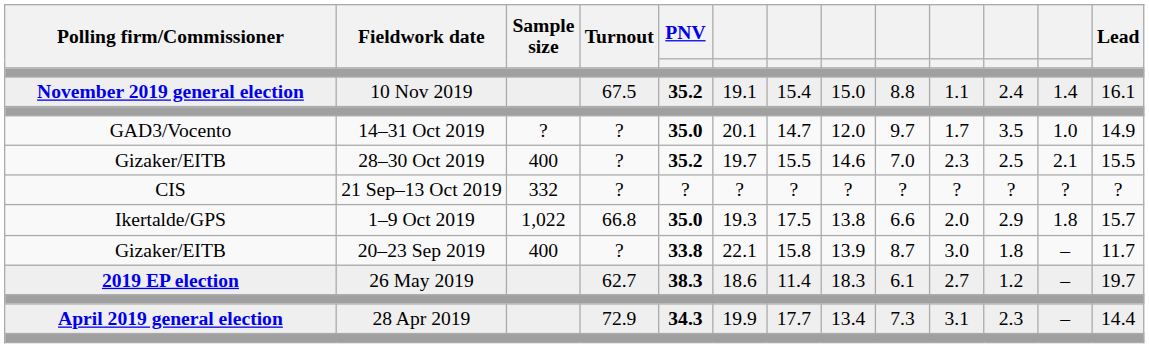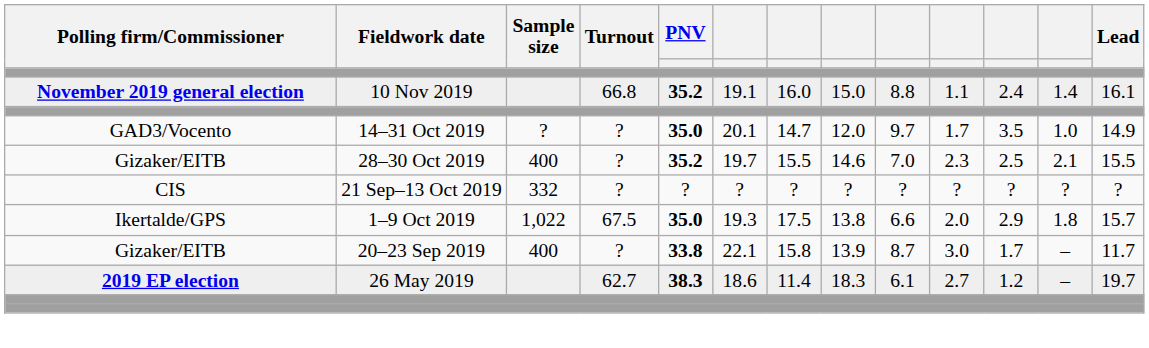 <table class="wikitable collapsible collapsed" style="text-align:center; font-size:95%; line-height:16px;">
 <tr style="height:42px;">
 <th style="width:250px;" rowspan="2">Polling firm/Commissioner</th>
 <th style="width:125px;" rowspan="2">Fieldwork date</th>
 <th style="width:50px;" rowspan="2">Sample size</th>
 <th style="width:45px;" rowspan="2">Turnout</th>
 <th style="width:35px;"><a href='#'>PNV</a></th>
 <th style="width:35px;"></th>
 <th style="width:35px;"></th>
 <th style="width:35px;"></th>
 <th style="width:35px;"></th>
 <th style="width:35px;"></th>
 <th style="width:35px;"></th>
 <th style="width:35px;"></th>
 <th style="width:30px;" rowspan="2">Lead</th>
 </tr>
 <tr>
 <th style="color:inherit;background:"></th>
 <th style="color:inherit;background:"></th>
 <th style="color:inherit;background:"></th>
 <th style="color:inherit;background:"></th>
 <th style="color:inherit;background:"></th>
 <th style="color:inherit;background:"></th>
 <th style="color:inherit;background:"></th>
 <th style="color:inherit;background:"></th>
 </tr>
 <tr>
 <td colspan="13" style="background:#A0A0A0"></td>
 </tr>
 <tr style="background:#EFEFEF;">
 <td><strong><a href='#'>November 2019 general election</a></strong></td>
 <td>10 Nov 2019</td>
 <td></td>
-<td>67.5</td>
+<td>66.8</td>
 <td><strong>35.2</strong><br></td>
 <td>19.1<br></td>
-<td>15.4<br></td>
+<td>16.0<br></td>
 <td>15.0<br></td>
 <td>8.8<br></td>
 <td>1.1<br></td>
 <td>2.4<br></td>
 <td>1.4<br></td>
 <td style="background:">16.1</td>
 </tr>
 <tr>
 <td colspan="13" style="background:#A0A0A0"></td>
 </tr>
 <tr>
 <td>GAD3/Vocento</td>
 <td>14–31 Oct 2019</td>
 <td>?</td>
 <td>?</td>
 <td><strong>35.0</strong><br></td>
 <td>20.1<br></td>
 <td>14.7<br></td>
 <td>12.0<br></td>
 <td>9.7<br></td>
 <td>1.7<br></td>
 <td>3.5<br></td>
 <td>1.0<br></td>
 <td style="background:">14.9</td>
 </tr>
 <tr>
 <td>Gizaker/EITB</td>
 <td>28–30 Oct 2019</td>
 <td>400</td>
 <td>?</td>
 <td><strong>35.2</strong><br></td>
 <td>19.7<br></td>
 <td>15.5<br></td>
 <td>14.6<br></td>
 <td>7.0<br></td>
 <td>2.3<br></td>
 <td>2.5<br></td>
 <td>2.1<br></td>
 <td style="background:">15.5</td>
 </tr>
 <tr>
 <td>CIS</td>
 <td>21 Sep–13 Oct 2019</td>
 <td>332</td>
 <td>?</td>
 <td>?<br></td>
 <td>?<br></td>
 <td>?<br></td>
 <td>?<br></td>
 <td>?<br></td>
 <td>?<br></td>
 <td>?<br></td>
 <td>?<br></td>
 <td style="background:">?</td>
 </tr>
 <tr>
 <td>Ikertalde/GPS</td>
 <td>1–9 Oct 2019</td>
 <td>1,022</td>
-<td>66.8</td>
+<td>67.5</td>
 <td><strong>35.0</strong><br></td>
 <td>19.3<br></td>
 <td>17.5<br></td>
 <td>13.8<br></td>
 <td>6.6<br></td>
 <td>2.0<br></td>
 <td>2.9<br></td>
 <td>1.8<br></td>
 <td style="background:">15.7</td>
 </tr>
 <tr>
 <td>Gizaker/EITB</td>
 <td>20–23 Sep 2019</td>
 <td>400</td>
 <td>?</td>
 <td><strong>33.8</strong><br></td>
 <td>22.1<br></td>
 <td>15.8<br></td>
 <td>13.9<br></td>
 <td>8.7<br></td>
 <td>3.0<br></td>
-<td>1.8<br></td>
+<td>1.7<br></td>
 <td>–</td>
 <td style="background:">11.7</td>
 </tr>
 <tr style="background:#EFEFEF;">
 <td><strong><a href='#'>2019 EP election</a></strong></td>
 <td>26 May 2019</td>
 <td></td>
 <td>62.7</td>
 <td><strong>38.3</strong><br></td>
 <td>18.6<br></td>
 <td>11.4<br></td>
 <td>18.3<br></td>
 <td>6.1<br></td>
 <td>2.7<br></td>
 <td>1.2<br></td>
 <td>–</td>
 <td style="background:">19.7</td>
 </tr>
 <tr>
 <td colspan="13" style="background:#A0A0A0"></td>
 </tr>
-<tr style="background:#EFEFEF;">
-<td><strong><a href='#'>April 2019 general election</a></strong></td>
-<td>28 Apr 2019</td>
-<td></td>
-<td>72.9</td>
-<td><strong>34.3</strong><br></td>
-<td>19.9<br></td>
-<td>17.7<br></td>
-<td>13.4<br></td>
-<td>7.3<br></td>
-<td>3.1<br></td>
-<td>2.3<br></td>
-<td>–</td>
-<td style="background:">14.4</td>
-</tr>
 <tr>
 <td colspan="13" style="background:#A0A0A0"></td>
 </tr>
 </table>
